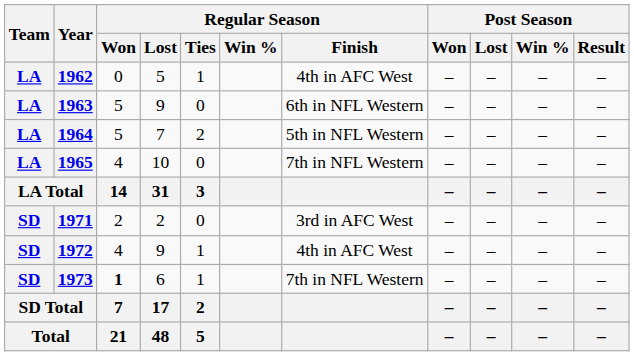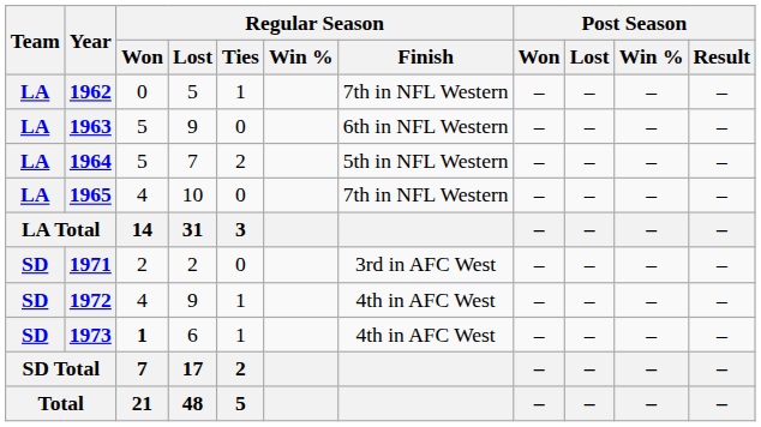 <table class="wikitable" style="font-size: 95%; text-align:center;">
 <tr>
 <th rowspan="2">Team</th>
 <th rowspan="2">Year</th>
 <th colspan="5">Regular Season</th>
 <th colspan="4">Post Season</th>
 </tr>
 <tr>
 <th>Won</th>
 <th>Lost</th>
 <th>Ties</th>
 <th>Win %</th>
 <th>Finish</th>
 <th>Won</th>
 <th>Lost</th>
 <th>Win %</th>
 <th>Result</th>
 </tr>
 <tr>
 <th><a href='#'>LA</a></th>
 <th><a href='#'>1962</a></th>
 <td>0</td>
 <td>5</td>
 <td>1</td>
 <td></td>
-<td>4th in AFC West</td>
+<td>7th in NFL Western</td>
 <td>–</td>
 <td>–</td>
 <td>–</td>
 <td>–</td>
 </tr>
 <tr>
 <th><a href='#'>LA</a></th>
 <th><a href='#'>1963</a></th>
 <td>5</td>
 <td>9</td>
 <td>0</td>
 <td></td>
 <td>6th in NFL Western</td>
 <td>–</td>
 <td>–</td>
 <td>–</td>
 <td>–</td>
 </tr>
 <tr>
 <th><a href='#'>LA</a></th>
 <th><a href='#'>1964</a></th>
 <td>5</td>
 <td>7</td>
 <td>2</td>
 <td></td>
 <td>5th in NFL Western</td>
 <td>–</td>
 <td>–</td>
 <td>–</td>
 <td>–</td>
 </tr>
 <tr>
 <th><a href='#'>LA</a></th>
 <th><a href='#'>1965</a></th>
 <td>4</td>
 <td>10</td>
 <td>0</td>
 <td></td>
 <td>7th in NFL Western</td>
 <td>–</td>
 <td>–</td>
 <td>–</td>
 <td>–</td>
 </tr>
 <tr>
 <th colspan="2">LA Total</th>
 <th>14</th>
 <th>31</th>
 <th>3</th>
 <th></th>
 <th></th>
 <th>–</th>
 <th>–</th>
 <th>–</th>
 <th>–</th>
 </tr>
 <tr>
 <th><a href='#'>SD</a></th>
 <th><a href='#'>1971</a></th>
 <td>2</td>
 <td>2</td>
 <td>0</td>
 <td></td>
 <td>3rd in AFC West</td>
 <td>–</td>
 <td>–</td>
 <td>–</td>
 <td>–</td>
 </tr>
 <tr>
 <th><a href='#'>SD</a></th>
 <th><a href='#'>1972</a></th>
 <td>4</td>
 <td>9</td>
 <td>1</td>
 <td></td>
 <td>4th in AFC West</td>
 <td>–</td>
 <td>–</td>
 <td>–</td>
 <td>–</td>
 </tr>
 <tr>
 <th><a href='#'>SD</a></th>
 <th><a href='#'>1973</a></th>
 <td><strong>1</strong></td>
 <td>6</td>
 <td>1</td>
 <td></td>
-<td>7th in NFL Western</td>
+<td>4th in AFC West</td>
 <td>–</td>
 <td>–</td>
 <td>–</td>
 <td>–</td>
 </tr>
 <tr>
 <th colspan="2">SD Total</th>
 <th>7</th>
 <th>17</th>
 <th>2</th>
 <th></th>
 <th></th>
 <th>–</th>
 <th>–</th>
 <th>–</th>
 <th>–</th>
 </tr>
 <tr>
 <th colspan="2">Total</th>
 <th>21</th>
 <th>48</th>
 <th>5</th>
 <th></th>
 <th></th>
 <th>–</th>
 <th>–</th>
 <th>–</th>
 <th>–</th>
 </tr>
 </table>
